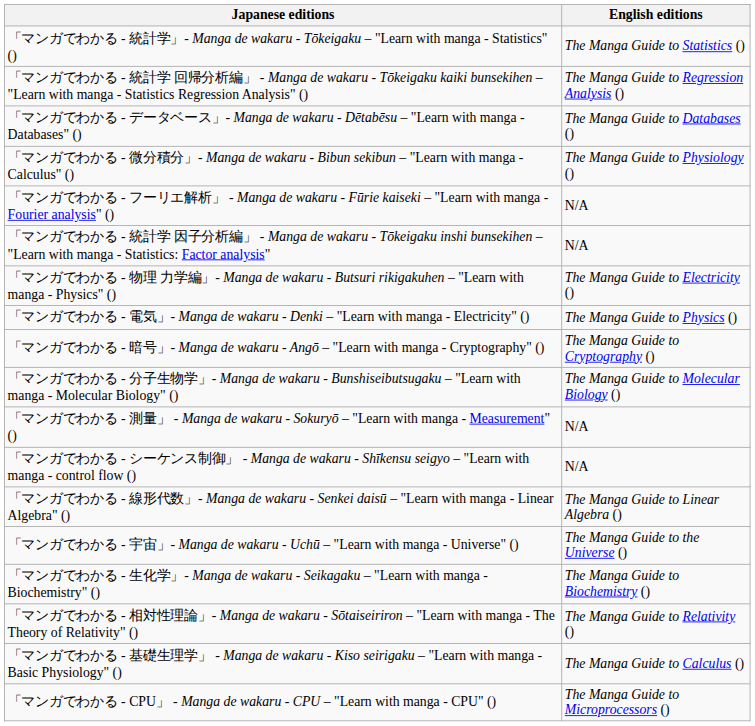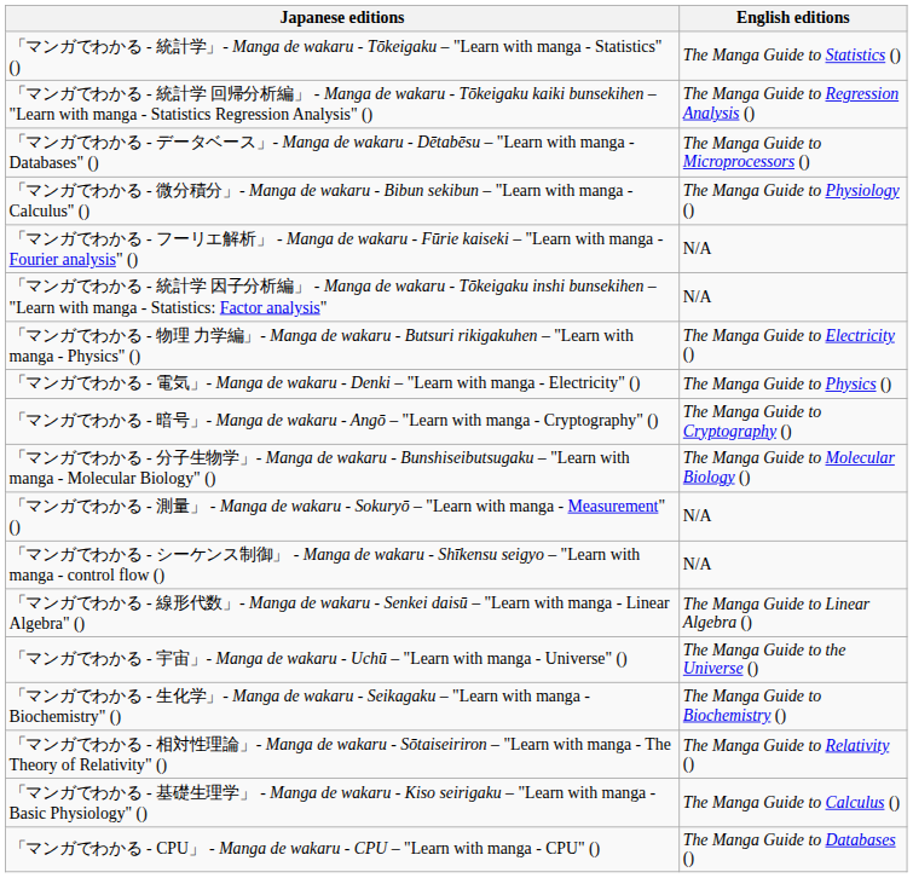 <table class="wikitable">
 <tr>
 <th>Japanese editions</th>
 <th>English editions</th>
 </tr>
 <tr>
 <td>「マンガでわかる - 統計学」- <em>Manga de wakaru - Tōkeigaku</em> – "Learn with manga - Statistics" ()</td>
 <td><em>The Manga Guide to <a href='#'>Statistics</a></em> ()</td>
 </tr>
 <tr>
 <td>「マンガでわかる - 統計学 回帰分析編」 - <em>Manga de wakaru - Tōkeigaku kaiki bunsekihen</em> – "Learn with manga - Statistics Regression Analysis" ()</td>
 <td><em>The Manga Guide to <a href='#'>Regression Analysis</a></em> ()</td>
 </tr>
 <tr>
 <td>「マンガでわかる - データベース」- <em>Manga de wakaru - Dētabēsu</em> – "Learn with manga - Databases" ()</td>
-<td><em>The Manga Guide to <a href='#'>Databases</a></em> ()</td>
+<td><em>The Manga Guide to <a href='#'>Microprocessors</a></em> ()</td>
 </tr>
 <tr>
 <td>「マンガでわかる - 微分積分」- <em>Manga de wakaru - Bibun sekibun</em> – "Learn with manga - Calculus" ()</td>
 <td><em>The Manga Guide to <a href='#'>Physiology</a></em> ()</td>
 </tr>
 <tr>
 <td>「マンガでわかる - フーリエ解析」 - <em>Manga de wakaru - Fūrie kaiseki</em> – "Learn with manga - <a href='#'>Fourier analysis</a>" ()</td>
 <td>N/A</td>
 </tr>
 <tr>
 <td>「マンガでわかる - 統計学 因子分析編」 - <em>Manga de wakaru - Tōkeigaku inshi bunsekihen</em> – "Learn with manga - Statistics: <a href='#'>Factor analysis</a>"</td>
 <td>N/A</td>
 </tr>
 <tr>
 <td>「マンガでわかる - 物理 力学編」- <em>Manga de wakaru - Butsuri rikigakuhen</em> – "Learn with manga - Physics" ()</td>
 <td><em>The Manga Guide to <a href='#'>Electricity</a></em> ()</td>
 </tr>
 <tr>
 <td>「マンガでわかる - 電気」- <em>Manga de wakaru - Denki</em> – "Learn with manga - Electricity" ()</td>
 <td><em>The Manga Guide to <a href='#'>Physics</a></em> ()</td>
 </tr>
 <tr>
 <td>「マンガでわかる - 暗号」- <em>Manga de wakaru - Angō</em> – "Learn with manga - Cryptography" ()</td>
 <td><em>The Manga Guide to <a href='#'>Cryptography</a></em> ()</td>
 </tr>
 <tr>
 <td>「マンガでわかる - 分子生物学」- <em>Manga de wakaru - Bunshiseibutsugaku</em> – "Learn with manga - Molecular Biology" ()</td>
 <td><em>The Manga Guide to <a href='#'>Molecular Biology</a></em> ()</td>
 </tr>
 <tr>
 <td>「マンガでわかる - 測量」 - <em>Manga de wakaru - Sokuryō</em> – "Learn with manga - <a href='#'>Measurement</a>" ()</td>
 <td>N/A</td>
 </tr>
 <tr>
 <td>「マンガでわかる - シーケンス制御」 - <em>Manga de wakaru - Shīkensu seigyo</em> – "Learn with manga - control flow ()</td>
 <td>N/A</td>
 </tr>
 <tr>
 <td>「マンガでわかる - 線形代数」- <em>Manga de wakaru - Senkei daisū</em> – "Learn with manga - Linear Algebra" ()</td>
 <td><em>The Manga Guide to Linear Algebra</em> ()</td>
 </tr>
 <tr>
 <td>「マンガでわかる - 宇宙」- <em>Manga de wakaru - Uchū</em> – "Learn with manga - Universe" ()</td>
 <td><em>The Manga Guide to the <a href='#'>Universe</a></em> ()</td>
 </tr>
 <tr>
 <td>「マンガでわかる - 生化学」- <em>Manga de wakaru - Seikagaku</em> – "Learn with manga - Biochemistry" ()</td>
 <td><em>The Manga Guide to <a href='#'>Biochemistry</a></em> ()</td>
 </tr>
 <tr>
 <td>「マンガでわかる - 相対性理論」- <em>Manga de wakaru - Sōtaiseiriron</em> – "Learn with manga - The Theory of Relativity" ()</td>
 <td><em>The Manga Guide to <a href='#'>Relativity</a></em> ()</td>
 </tr>
 <tr>
 <td>「マンガでわかる - 基礎生理学」 - <em>Manga de wakaru - Kiso seirigaku</em> – "Learn with manga - Basic Physiology" ()</td>
 <td><em>The Manga Guide to <a href='#'>Calculus</a></em> ()</td>
 </tr>
 <tr>
 <td>「マンガでわかる - CPU」 - <em>Manga de wakaru - CPU</em> – "Learn with manga - CPU" ()</td>
-<td><em>The Manga Guide to <a href='#'>Microprocessors</a></em> ()</td>
+<td><em>The Manga Guide to <a href='#'>Databases</a></em> ()</td>
 </tr>
 </table>
